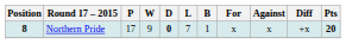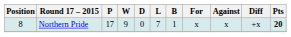 <table class="wikitable" style="text-align:center; font-size:85%;">
 <tr>
 <th width=40 abbr="Position">Position</th>
 <th width=100>Round 17 – 2015</th>
 <th width=20 abbr="Played">P</th>
 <th width=20 abbr="Won">W</th>
 <th width=20 abbr="Drawn">D</th>
 <th width=20 abbr="Lost">L</th>
 <th width=20 abbr="Bye">B</th>
 <th width=40 abbr="Points for">For</th>
 <th width=40 abbr="Points against">Against</th>
 <th width=40 abbr="Points difference">Diff</th>
 <th width=20 abbr="Points">Pts</th>
 </tr>
 <tr style="background: #d7ebed;">
-<td><strong>8</strong></td>
+<td>8</td>
 <td style="text-align:left;"> <a href='#'>Northern Pride</a></td>
 <td>17</td>
 <td>9</td>
-<td><strong>0</strong></td>
+<td>0</td>
 <td>7</td>
 <td>1</td>
 <td>x</td>
 <td>x</td>
 <td>+x</td>
 <td><strong>20</strong></td>
 </tr>
 <tr>
 </tr>
 </table>
